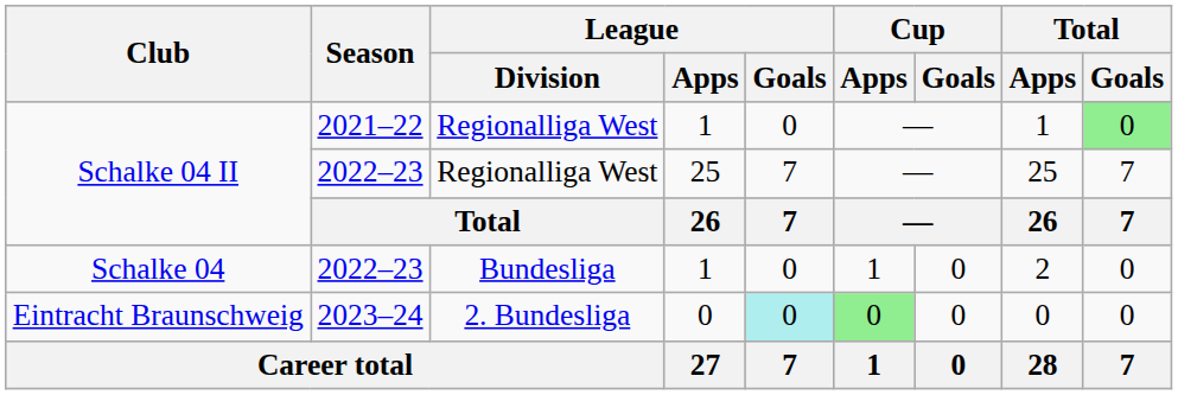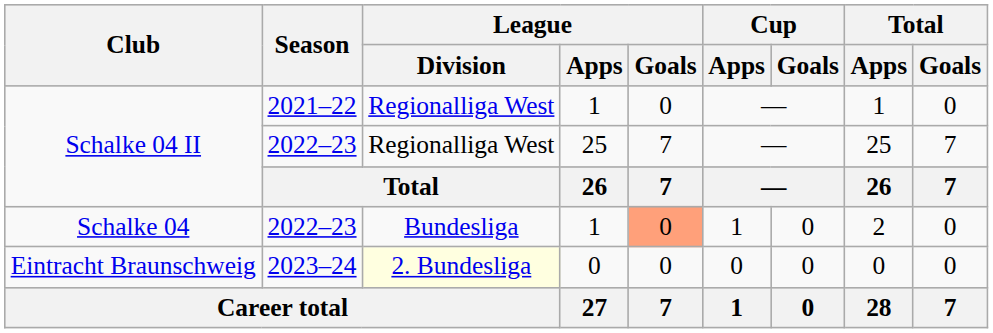 <table class="wikitable" style="text-align:center">
 <tr>
 <th rowspan="2">Club</th>
 <th rowspan="2">Season</th>
 <th colspan="3">League</th>
 <th colspan="2">Cup</th>
 <th colspan="2">Total</th>
 </tr>
 <tr>
 <th>Division</th>
 <th>Apps</th>
 <th>Goals</th>
 <th>Apps</th>
 <th>Goals</th>
 <th>Apps</th>
 <th>Goals</th>
 </tr>
 <tr>
 <td rowspan="3"><a href='#'>Schalke 04 II</a></td>
 <td><a href='#'>2021–22</a></td>
 <td><a href='#'>Regionalliga West</a></td>
 <td>1</td>
 <td>0</td>
 <td colspan="2">—</td>
 <td>1</td>
-<td style="background: lightgreen;">0</td>
+<td>0</td>
 </tr>
 <tr>
 <td><a href='#'>2022–23</a></td>
 <td>Regionalliga West</td>
 <td>25</td>
 <td>7</td>
 <td colspan="2">—</td>
 <td>25</td>
 <td>7</td>
 </tr>
 <tr>
 <th colspan="2">Total</th>
 <th>26</th>
 <th>7</th>
 <th colspan=2>—</th>
 <th>26</th>
 <th>7</th>
 </tr>
 <tr>
 <td><a href='#'>Schalke 04</a></td>
 <td><a href='#'>2022–23</a></td>
 <td><a href='#'>Bundesliga</a></td>
 <td>1</td>
-<td>0</td>
+<td style="background: lightsalmon;">0</td>
 <td>1</td>
 <td>0</td>
 <td>2</td>
 <td>0</td>
 </tr>
 <tr>
 <td><a href='#'>Eintracht Braunschweig</a></td>
 <td><a href='#'>2023–24</a></td>
-<td><a href='#'>2. Bundesliga</a></td>
+<td style="background: lightyellow;"><a href='#'>2. Bundesliga</a></td>
 <td>0</td>
-<td style="background: paleturquoise;">0</td>
-<td style="background: lightgreen;">0</td>
+<td>0</td>
+<td>0</td>
 <td>0</td>
 <td>0</td>
 <td>0</td>
 </tr>
 <tr>
 <th colspan="3">Career total</th>
 <th>27</th>
 <th>7</th>
 <th>1</th>
 <th>0</th>
 <th>28</th>
 <th>7</th>
 </tr>
 </table>
